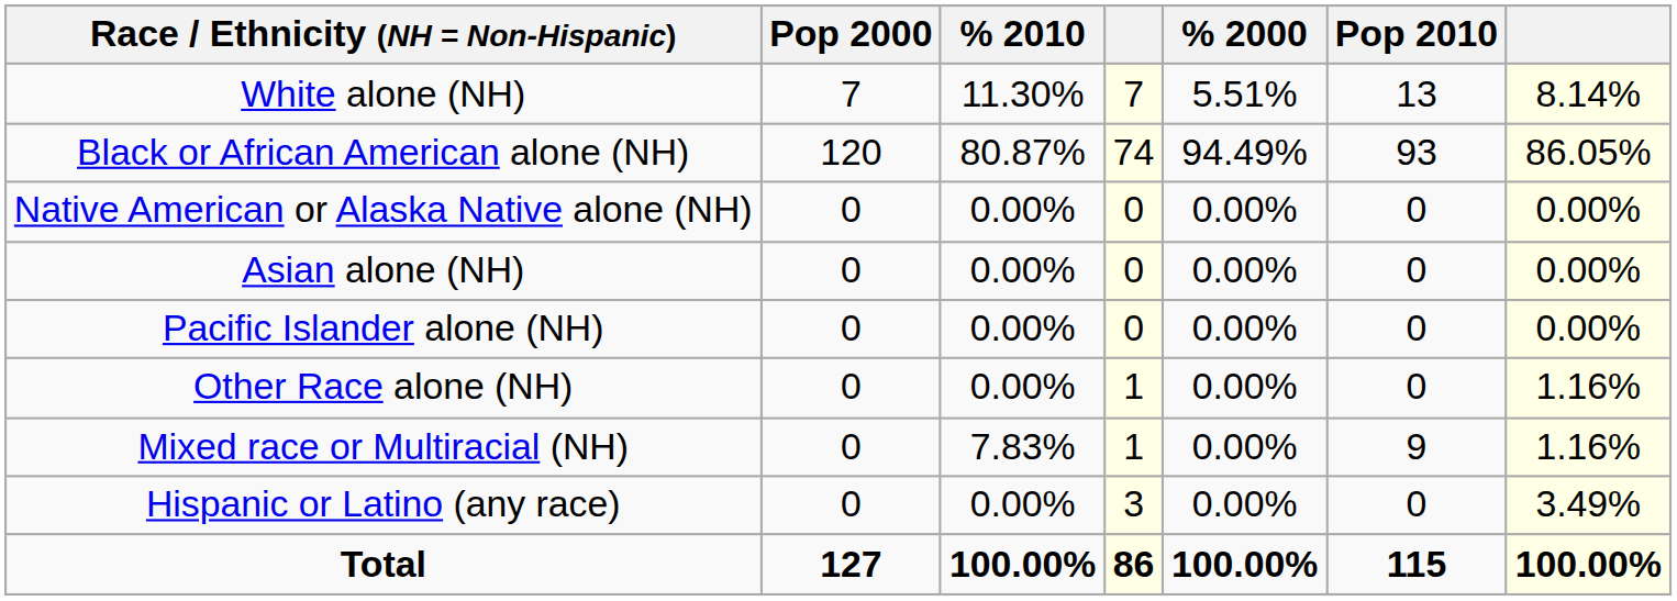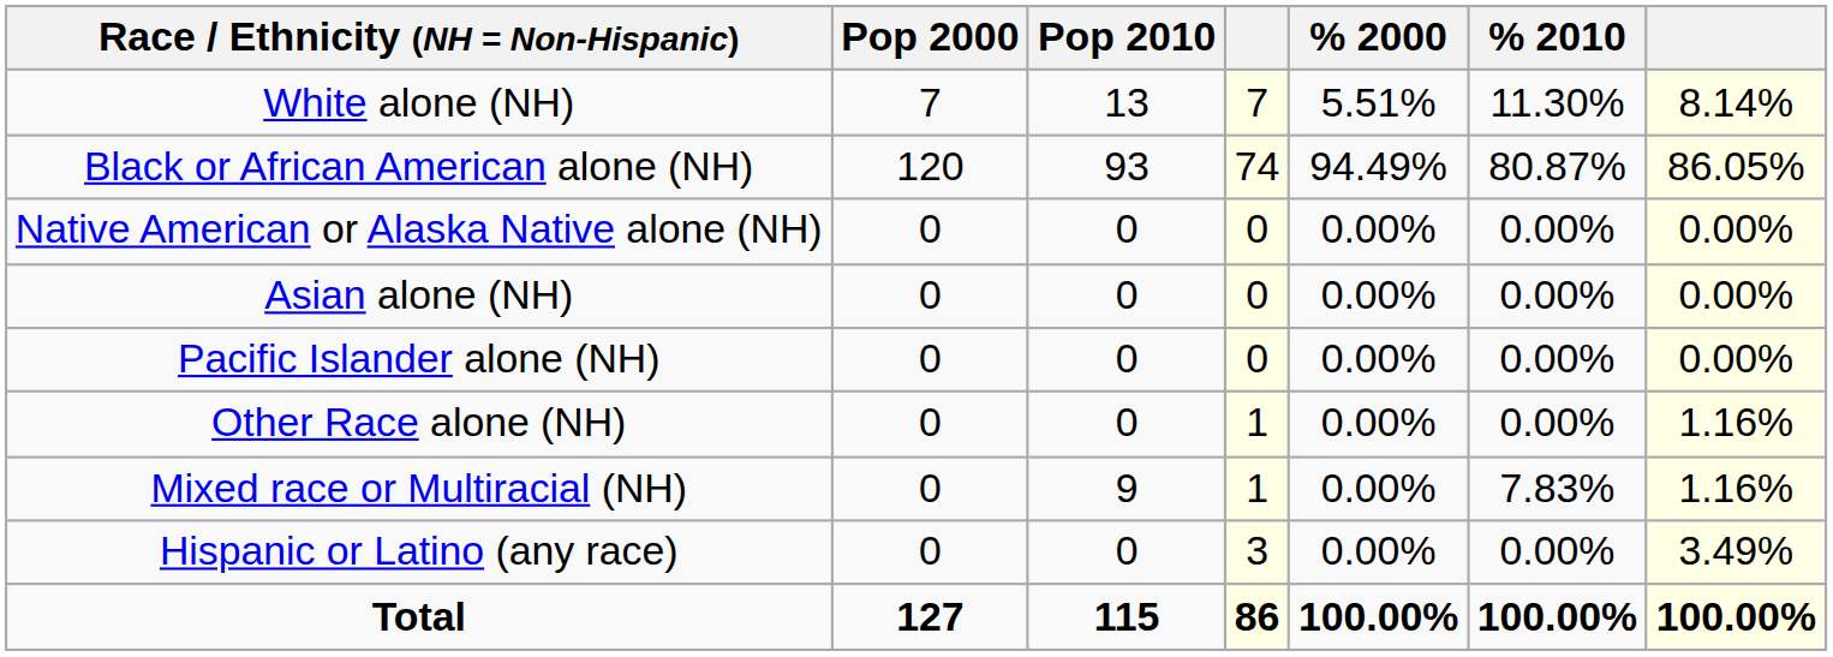 <table class="wikitable" style="text-align:center;">
 <tr>
 <th>Race / Ethnicity <small>(<em>NH = Non-Hispanic</em>)</small></th>
 <th>Pop 2000</th>
-<th>% 2010</th>
+<th>Pop 2010</th>
 <th></th>
 <th>% 2000</th>
-<th>Pop 2010</th>
+<th>% 2010</th>
 <th></th>
 </tr>
 <tr>
 <td><a href='#'>White</a> alone (NH)</td>
 <td>7</td>
-<td>11.30%</td>
+<td>13</td>
 <td style='background: #ffffe6;'>7</td>
 <td>5.51%</td>
-<td>13</td>
+<td>11.30%</td>
 <td style='background: #ffffe6;'>8.14%</td>
 </tr>
 <tr>
 <td><a href='#'>Black or African American</a> alone (NH)</td>
 <td>120</td>
-<td>80.87%</td>
+<td>93</td>
 <td style='background: #ffffe6;'>74</td>
 <td>94.49%</td>
-<td>93</td>
+<td>80.87%</td>
 <td style='background: #ffffe6;'>86.05%</td>
 </tr>
 <tr>
 <td><a href='#'>Native American</a> or <a href='#'>Alaska Native</a> alone (NH)</td>
 <td>0</td>
-<td>0.00%</td>
+<td>0</td>
 <td style='background: #ffffe6;'>0</td>
 <td>0.00%</td>
-<td>0</td>
+<td>0.00%</td>
 <td style='background: #ffffe6;'>0.00%</td>
 </tr>
 <tr>
 <td><a href='#'>Asian</a> alone (NH)</td>
 <td>0</td>
-<td>0.00%</td>
+<td>0</td>
 <td style='background: #ffffe6;'>0</td>
 <td>0.00%</td>
-<td>0</td>
+<td>0.00%</td>
 <td style='background: #ffffe6;'>0.00%</td>
 </tr>
 <tr>
 <td><a href='#'>Pacific Islander</a> alone (NH)</td>
 <td>0</td>
-<td>0.00%</td>
+<td>0</td>
 <td style='background: #ffffe6;'>0</td>
 <td>0.00%</td>
-<td>0</td>
+<td>0.00%</td>
 <td style='background: #ffffe6;'>0.00%</td>
 </tr>
 <tr>
 <td><a href='#'>Other Race</a> alone (NH)</td>
 <td>0</td>
-<td>0.00%</td>
+<td>0</td>
 <td style='background: #ffffe6;'>1</td>
 <td>0.00%</td>
-<td>0</td>
+<td>0.00%</td>
 <td style='background: #ffffe6;'>1.16%</td>
 </tr>
 <tr>
 <td><a href='#'>Mixed race or Multiracial</a> (NH)</td>
 <td>0</td>
-<td>7.83%</td>
+<td>9</td>
 <td style='background: #ffffe6;'>1</td>
 <td>0.00%</td>
-<td>9</td>
+<td>7.83%</td>
 <td style='background: #ffffe6;'>1.16%</td>
 </tr>
 <tr>
 <td><a href='#'>Hispanic or Latino</a> (any race)</td>
 <td>0</td>
-<td>0.00%</td>
+<td>0</td>
 <td style='background: #ffffe6;'>3</td>
 <td>0.00%</td>
-<td>0</td>
+<td>0.00%</td>
 <td style='background: #ffffe6;'>3.49%</td>
 </tr>
 <tr>
 <td><strong>Total</strong></td>
 <td><strong>127</strong></td>
-<td><strong>100.00%</strong></td>
+<td><strong>115</strong></td>
 <td style='background: #ffffe6;'><strong>86</strong></td>
 <td><strong>100.00%</strong></td>
-<td><strong>115</strong></td>
+<td><strong>100.00%</strong></td>
 <td style='background: #ffffe6;'><strong>100.00%</strong></td>
 </tr>
 </table>
